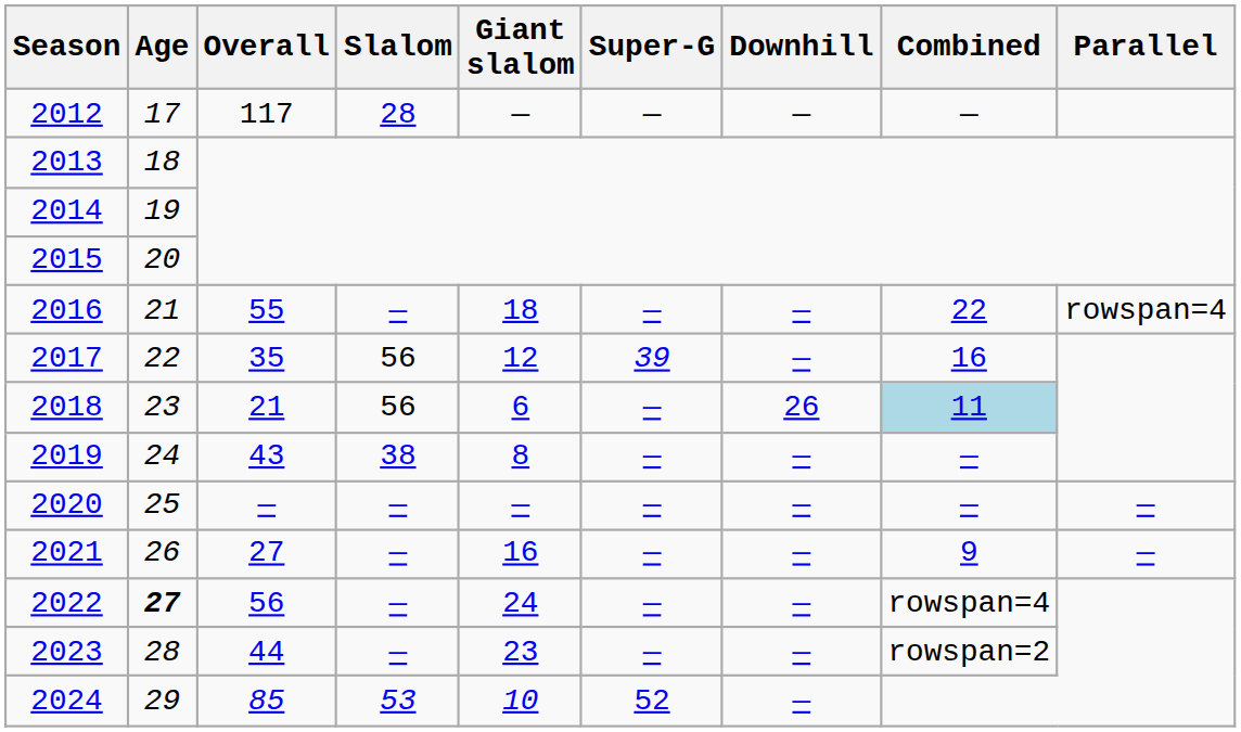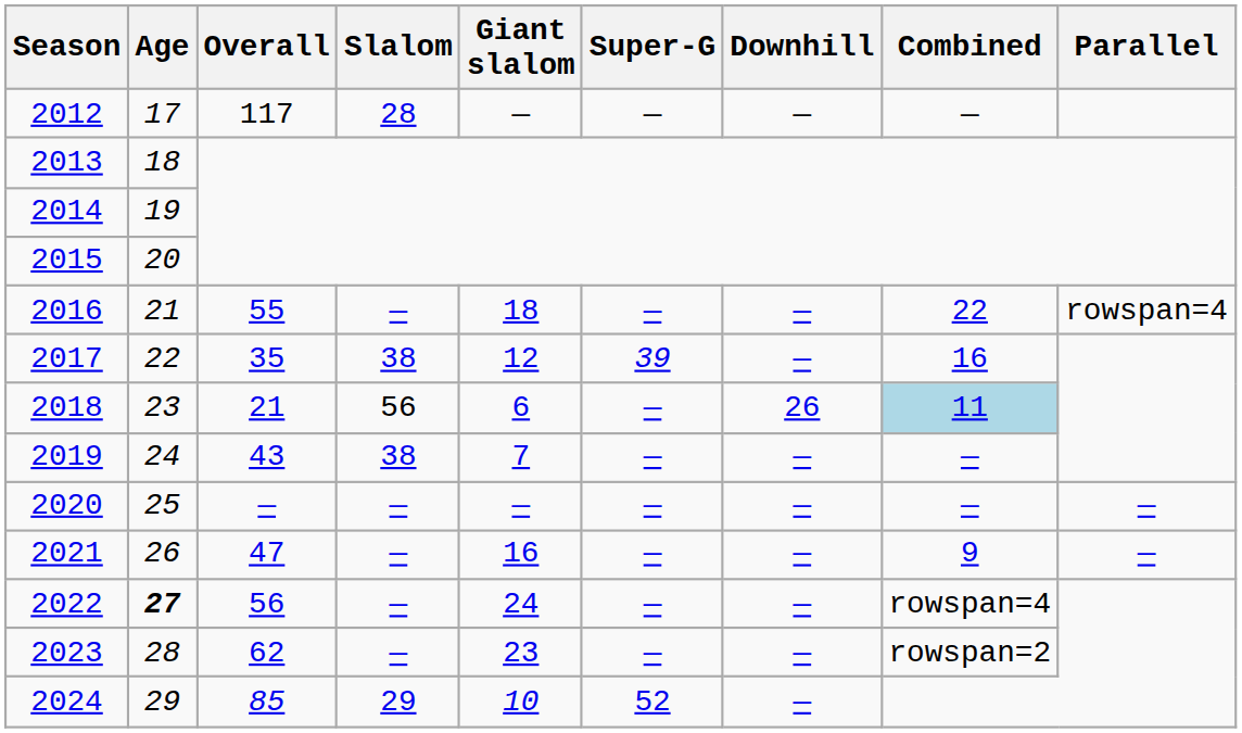 <table class=wikitable style="text-align:center">
 <tr>
 <th>Season</th>
 <th>Age</th>
 <th>Overall</th>
 <th>Slalom</th>
 <th>Giant<br>slalom</th>
 <th>Super-G</th>
 <th>Downhill</th>
 <th>Combined</th>
 <th>Parallel</th>
 </tr>
 <tr>
 <td><a href='#'>2012</a></td>
 <td><em>17</em></td>
 <td>117</td>
 <td><a href='#'>28</a></td>
 <td>—</td>
 <td>—</td>
 <td>—</td>
 <td>—</td>
 <td></td>
 </tr>
 <tr>
 <td><a href='#'>2013</a></td>
 <td><em>18</em></td>
 <td colspan=7 rowspan=3></td>
 </tr>
 <tr>
 <td><a href='#'>2014</a></td>
 <td><em>19</em></td>
 </tr>
 <tr>
 <td><a href='#'>2015</a></td>
 <td><em>20</em></td>
 </tr>
 <tr>
 <td><a href='#'>2016</a></td>
 <td><em>21</em></td>
 <td><a href='#'>55</a></td>
 <td><a href='#'>—</a></td>
 <td><a href='#'>18</a></td>
 <td><a href='#'>—</a></td>
 <td><a href='#'>—</a></td>
 <td><a href='#'>22</a></td>
 <td>rowspan=4 </td>
 </tr>
 <tr>
 <td><a href='#'>2017</a></td>
 <td><em>22</em></td>
 <td><a href='#'>35</a></td>
-<td>56</td>
+<td><a href='#'>38</a></td>
 <td><a href='#'>12</a></td>
 <td><a href='#'><em>39</em></a></td>
 <td><a href='#'>—</a></td>
 <td><a href='#'>16</a></td>
 </tr>
 <tr>
 <td><a href='#'>2018</a></td>
 <td><em>23</em></td>
 <td><a href='#'>21</a></td>
 <td>56</td>
 <td><a href='#'>6</a></td>
 <td><a href='#'>—</a></td>
 <td><a href='#'>26</a></td>
 <td style="background: lightblue;"><a href='#'>11</a></td>
 </tr>
 <tr>
 <td><a href='#'>2019</a></td>
 <td><em>24</em></td>
 <td><a href='#'>43</a></td>
 <td><a href='#'>38</a></td>
-<td><a href='#'>8</a></td>
+<td><a href='#'>7</a></td>
 <td><a href='#'>—</a></td>
 <td><a href='#'>—</a></td>
 <td><a href='#'>—</a></td>
 </tr>
 <tr>
 <td><a href='#'>2020</a></td>
 <td><em>25</em></td>
 <td><a href='#'>—</a></td>
 <td><a href='#'>—</a></td>
 <td><a href='#'>—</a></td>
 <td><a href='#'>—</a></td>
 <td><a href='#'>—</a></td>
 <td><a href='#'>—</a></td>
 <td><a href='#'>—</a></td>
 </tr>
 <tr>
 <td><a href='#'>2021</a></td>
 <td><em>26</em></td>
-<td><a href='#'>27</a></td>
+<td><a href='#'>47</a></td>
 <td><a href='#'>—</a></td>
 <td><a href='#'>16</a></td>
 <td><a href='#'>—</a></td>
 <td><a href='#'>—</a></td>
 <td><a href='#'>9</a></td>
 <td><a href='#'>—</a></td>
 </tr>
 <tr>
 <td><a href='#'>2022</a></td>
 <td><strong><em>27</em></strong></td>
 <td><a href='#'>56</a></td>
 <td><a href='#'>—</a></td>
 <td><a href='#'>24</a></td>
 <td><a href='#'>—</a></td>
 <td><a href='#'>—</a></td>
 <td>rowspan=4 </td>
 </tr>
 <tr>
 <td><a href='#'>2023</a></td>
 <td><em>28</em></td>
-<td><a href='#'>44</a></td>
+<td><a href='#'>62</a></td>
 <td><a href='#'>—</a></td>
 <td><a href='#'>23</a></td>
 <td><a href='#'>—</a></td>
 <td><a href='#'>—</a></td>
 <td>rowspan=2 </td>
 </tr>
 <tr>
 <td><a href='#'>2024</a></td>
 <td><em>29</em></td>
 <td><a href='#'><em>85</em></a></td>
-<td><a href='#'><em>53</em></a></td>
+<td><a href='#'>29</a></td>
 <td><a href='#'><em>10</em></a></td>
 <td><a href='#'>52</a></td>
 <td><a href='#'>—</a></td>
 </tr>
 </table>
